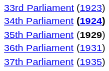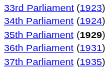 <table id=toc style="float:right">
 <tr>
 <td><a href='#'>33rd Parliament</a></td>
 <td>(<a href='#'>1923</a>)</td>
 </tr>
 <tr>
 <td><a href='#'>34th Parliament</a></td>
-<td><strong>(<a href='#'>1924</a>)</strong></td>
+<td>(<a href='#'>1924</a>)</td>
 </tr>
 <tr>
 <td><a href='#'>35th Parliament</a></td>
 <td>(<strong>1929</strong>)</td>
 </tr>
 <tr>
 <td><a href='#'>36th Parliament</a></td>
 <td>(<a href='#'>1931</a>)</td>
 </tr>
 <tr>
 <td><a href='#'>37th Parliament</a></td>
 <td>(<a href='#'>1935</a>)</td>
 </tr>
 </table>
